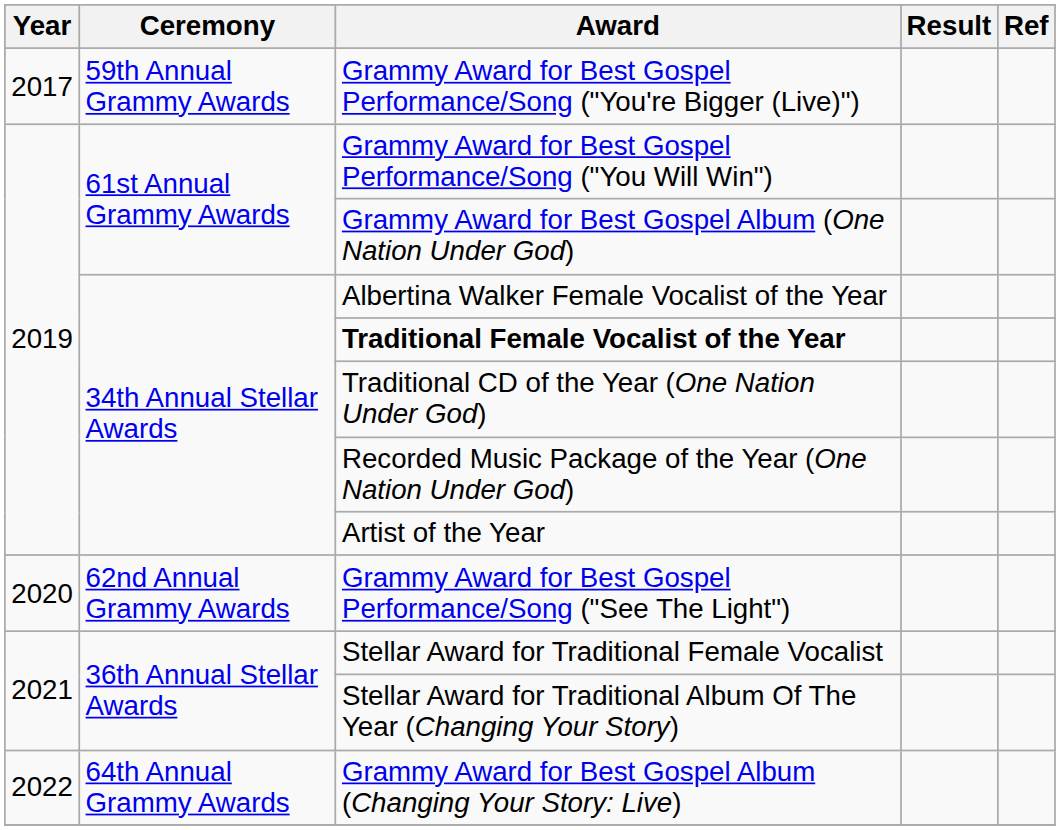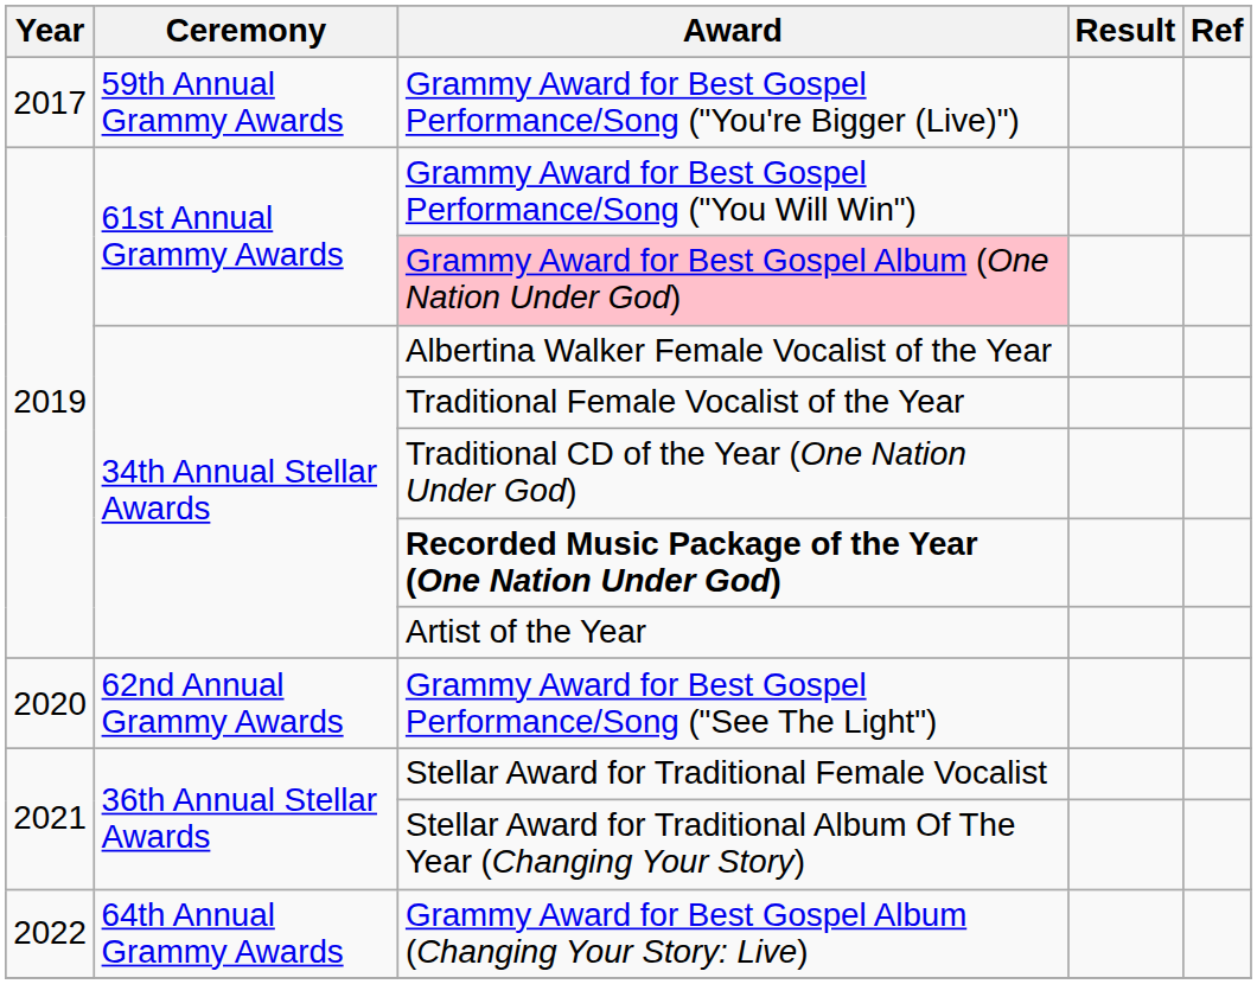 <table class="wikitable">
 <tr style="background:#ccc; text-align:center;">
 <th scope="col">Year</th>
 <th scope="col">Ceremony</th>
 <th scope="col">Award</th>
 <th scope="col">Result</th>
 <th>Ref</th>
 </tr>
 <tr>
 <td>2017</td>
 <td><a href='#'>59th Annual Grammy Awards</a></td>
 <td><a href='#'>Grammy Award for Best Gospel Performance/Song</a> ("You're Bigger (Live)")</td>
 <td></td>
 <td style="text-align:center;"></td>
 </tr>
 <tr>
 <td rowspan="7">2019</td>
 <td rowspan="2"><a href='#'>61st Annual Grammy Awards</a></td>
 <td><a href='#'>Grammy Award for Best Gospel Performance/Song</a> ("You Will Win")</td>
 <td></td>
 <td style="text-align:center;"></td>
 </tr>
 <tr>
-<td><a href='#'>Grammy Award for Best Gospel Album</a> (<em>One Nation Under God</em>)</td>
+<td style="background: pink;"><a href='#'>Grammy Award for Best Gospel Album</a> (<em>One Nation Under God</em>)</td>
 <td></td>
 <td style="text-align:center;"></td>
 </tr>
 <tr>
 <td rowspan="5"><a href='#'>34th Annual Stellar Awards</a></td>
 <td>Albertina Walker Female Vocalist of the Year</td>
 <td></td>
 <td style="text-align:center;"></td>
 </tr>
 <tr>
-<td><strong>Traditional Female Vocalist of the Year</strong></td>
+<td>Traditional Female Vocalist of the Year</td>
 <td></td>
 <td style="text-align:center;"></td>
 </tr>
 <tr>
 <td>Traditional CD of the Year (<em>One Nation Under God</em>)</td>
 <td></td>
 <td style="text-align:center;"></td>
 </tr>
 <tr>
-<td>Recorded Music Package of the Year (<em>One Nation Under God</em>)</td>
+<td><strong>Recorded Music Package of the Year (<em>One Nation Under God</em>)</strong></td>
 <td></td>
 <td style="text-align:center;"></td>
 </tr>
 <tr>
 <td>Artist of the Year</td>
 <td></td>
 <td style="text-align:center;"></td>
 </tr>
 <tr>
 <td>2020</td>
 <td><a href='#'>62nd Annual Grammy Awards</a></td>
 <td><a href='#'>Grammy Award for Best Gospel Performance/Song</a> ("See The Light")</td>
 <td></td>
 <td style="text-align:center;"></td>
 </tr>
 <tr>
 <td rowspan="2">2021</td>
 <td rowspan="2"><a href='#'>36th Annual Stellar Awards</a></td>
 <td>Stellar Award for Traditional Female Vocalist</td>
 <td></td>
 <td style="text-align:center;"></td>
 </tr>
 <tr>
 <td>Stellar Award for Traditional Album Of The Year (<em>Changing Your Story</em>)</td>
 <td></td>
 <td style="text-align:center;"></td>
 </tr>
 <tr>
 <td>2022</td>
 <td><a href='#'>64th Annual Grammy Awards</a></td>
 <td><a href='#'>Grammy Award for Best Gospel Album</a> (<em>Changing Your Story: Live</em>)</td>
 <td></td>
 <td style="text-align:center;"></td>
 </tr>
 <tr>
 </tr>
 </table>
